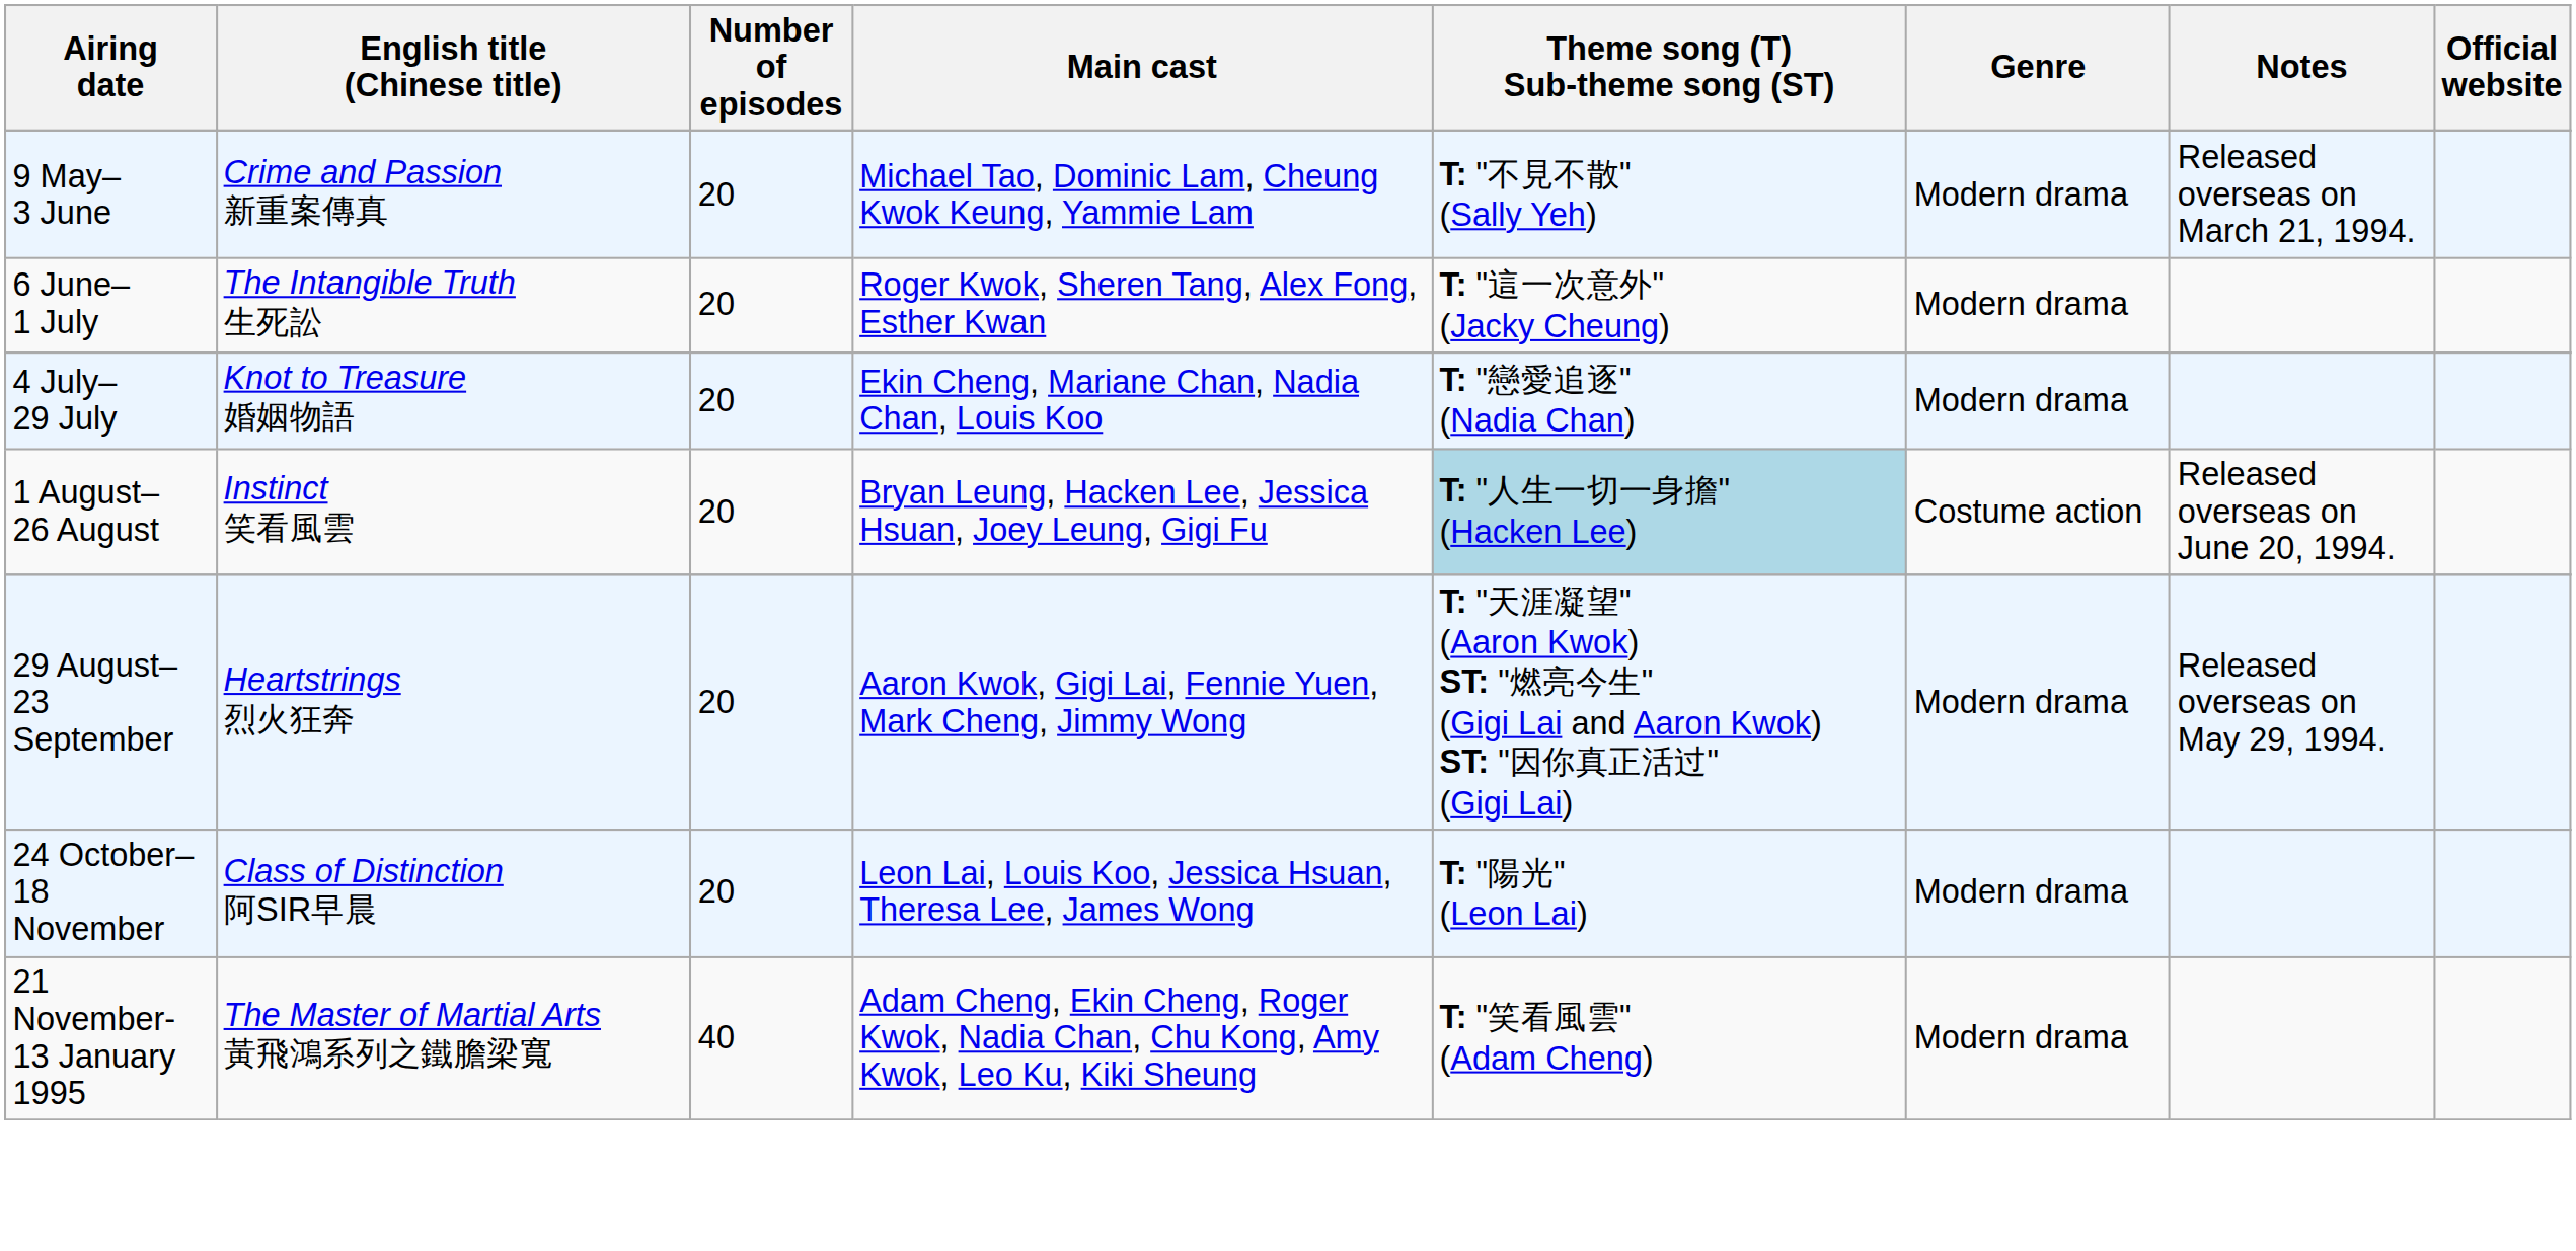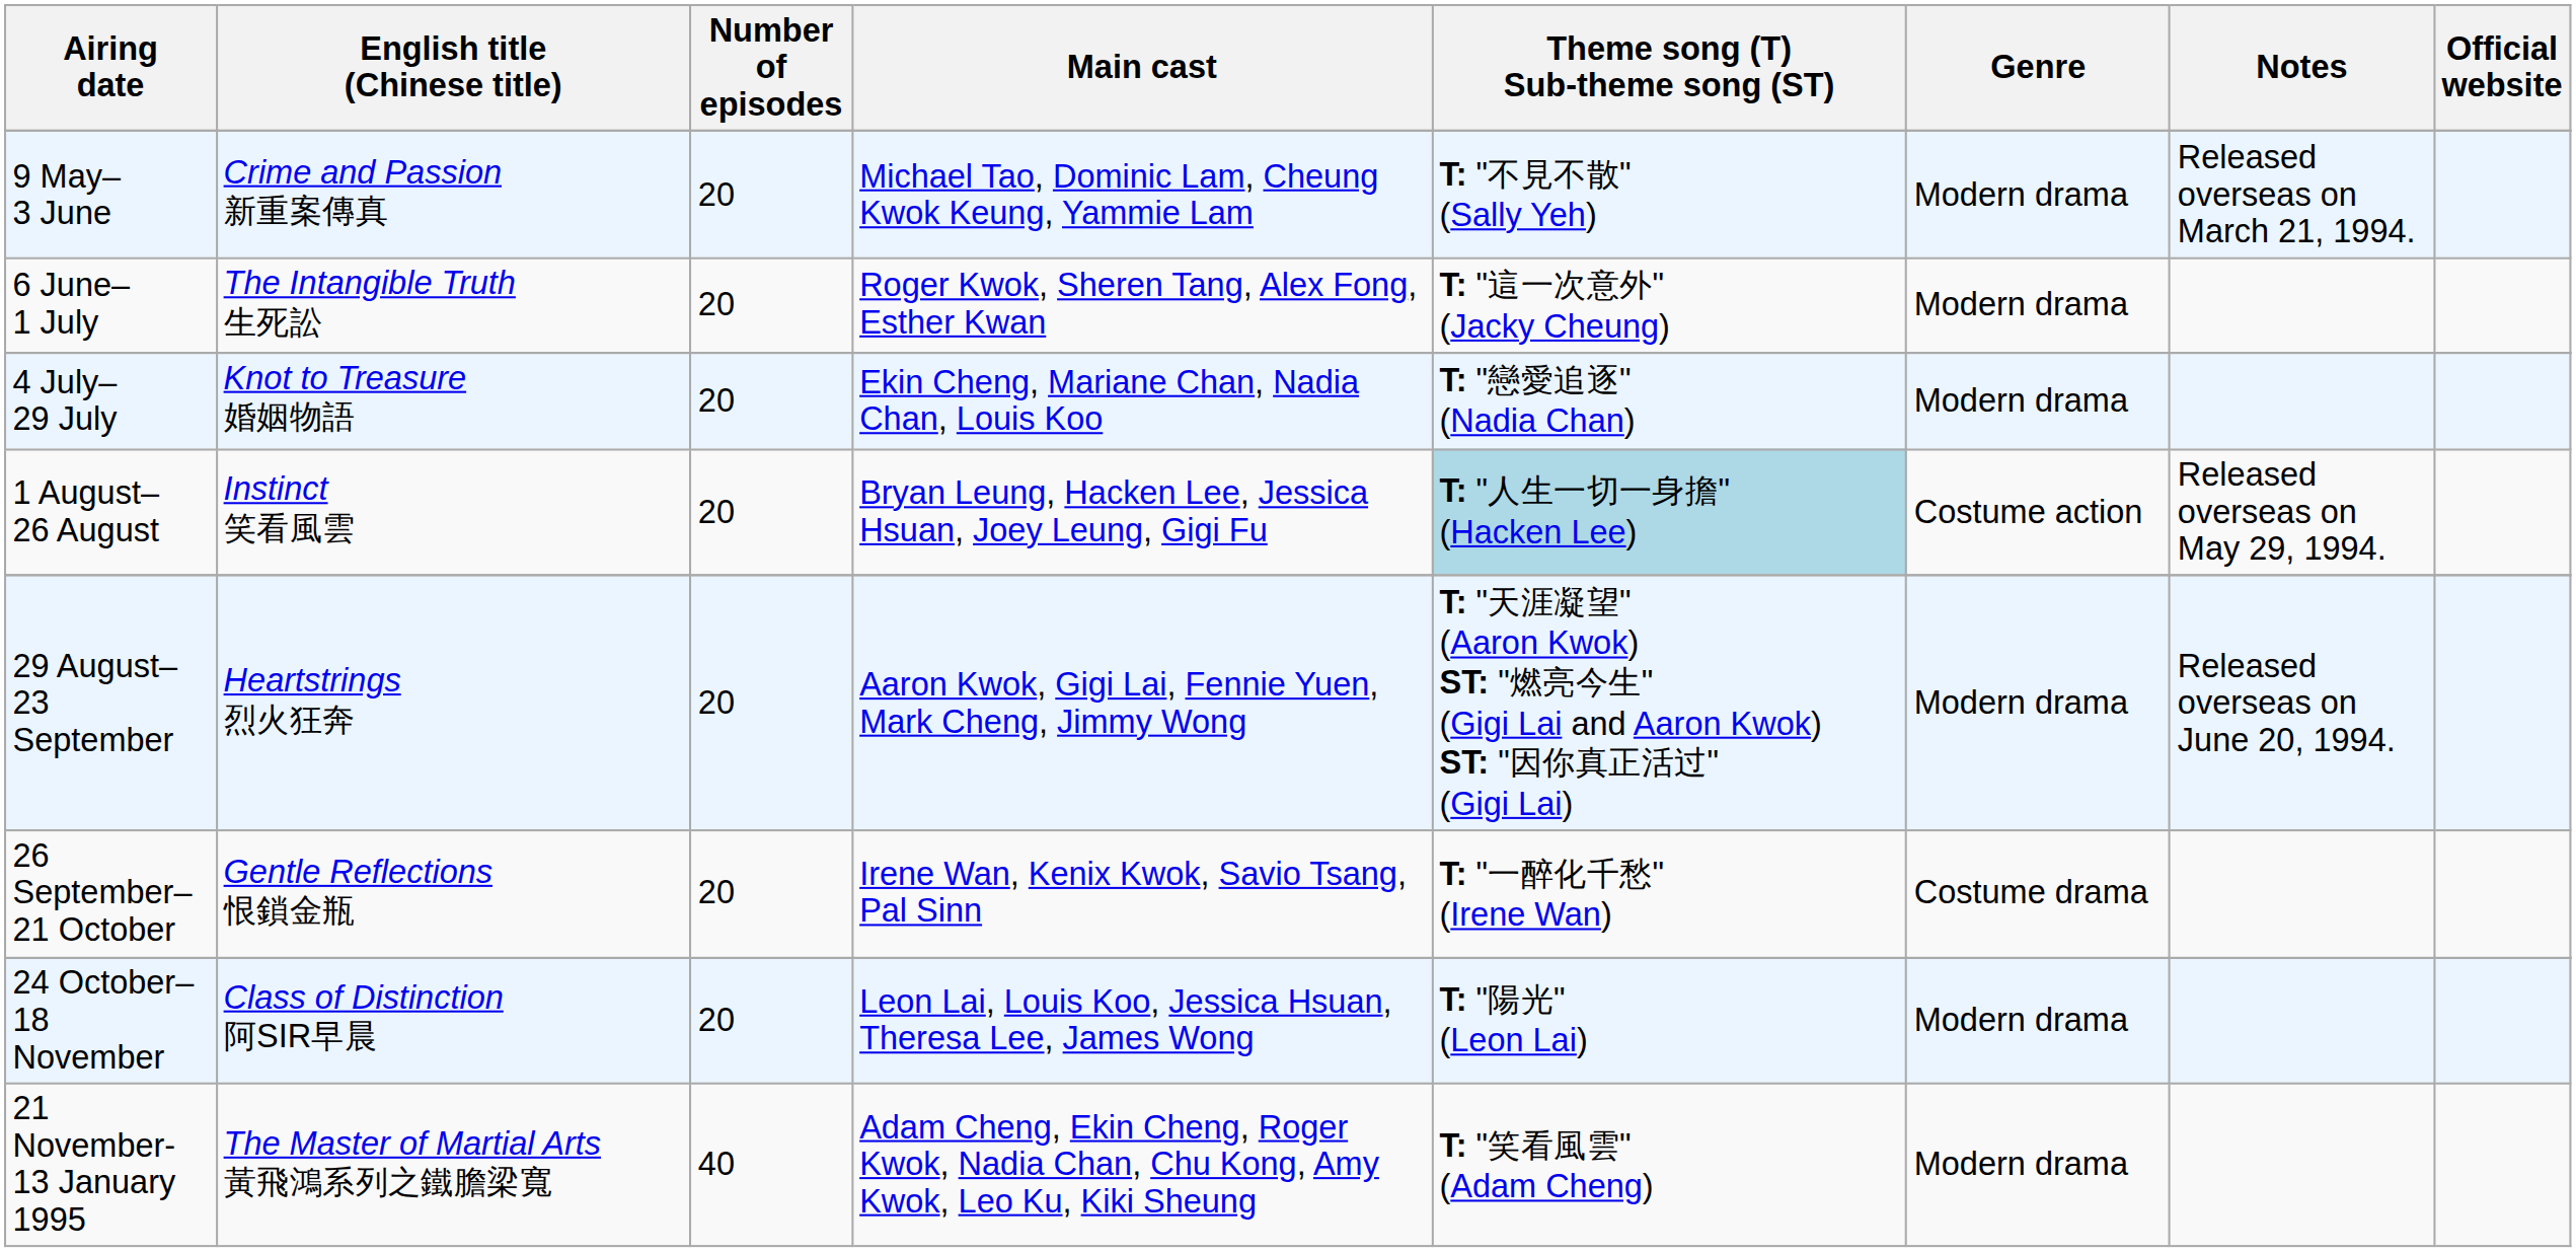 <table class="wikitable">
 <tr>
 <th align=center width=8% bgcolor="silver">Airing<br>date</th>
 <th align=center width=18% bgcolor="silver">English title <br> (Chinese title)</th>
 <th align=center width=5% bgcolor="silver">Number of episodes</th>
 <th align=center width=22% bgcolor="silver">Main cast</th>
 <th align=center width=18% bgcolor="silver">Theme song (T) <br>Sub-theme song (ST)</th>
 <th align=center width=10% bgcolor="silver">Genre</th>
 <th align=center width=10% bgcolor="silver">Notes</th>
 <th align=center width=1% bgcolor="silver">Official website</th>
 </tr>
 <tr>
 </tr>
 <tr ---- bgcolor="#ebf5ff">
 <td>9 May– <br> 3 June</td>
 <td><em><a href='#'>Crime and Passion</a></em> <br> 新重案傳真</td>
 <td>20</td>
 <td><a href='#'>Michael Tao</a>, <a href='#'>Dominic Lam</a>, <a href='#'>Cheung Kwok Keung</a>, <a href='#'>Yammie Lam</a></td>
 <td><strong>T:</strong> "不見不散" <br> (<a href='#'>Sally Yeh</a>)</td>
 <td>Modern drama</td>
 <td>Released overseas on March 21, 1994.</td>
 <td></td>
 </tr>
 <tr>
 <td>6 June– <br> 1 July</td>
 <td><em><a href='#'>The Intangible Truth</a></em> <br> 生死訟</td>
 <td>20</td>
 <td><a href='#'>Roger Kwok</a>, <a href='#'>Sheren Tang</a>, <a href='#'>Alex Fong</a>, <a href='#'>Esther Kwan</a></td>
 <td><strong>T:</strong> "這一次意外" <br> (<a href='#'>Jacky Cheung</a>)</td>
 <td>Modern drama</td>
 <td></td>
 <td></td>
 </tr>
 <tr>
 </tr>
 <tr ---- bgcolor="#ebf5ff">
 <td>4 July– <br> 29 July</td>
 <td><em><a href='#'>Knot to Treasure</a></em> <br> 婚姻物語</td>
 <td>20</td>
 <td><a href='#'>Ekin Cheng</a>, <a href='#'>Mariane Chan</a>, <a href='#'>Nadia Chan</a>, <a href='#'>Louis Koo</a></td>
 <td><strong>T:</strong> "戀愛追逐" <br> (<a href='#'>Nadia Chan</a>)</td>
 <td>Modern drama</td>
 <td></td>
 <td></td>
 </tr>
 <tr>
 <td>1 August– <br> 26 August</td>
 <td><em><a href='#'>Instinct</a></em> <br> 笑看風雲</td>
 <td>20</td>
 <td><a href='#'>Bryan Leung</a>, <a href='#'>Hacken Lee</a>, <a href='#'>Jessica Hsuan</a>, <a href='#'>Joey Leung</a>, <a href='#'>Gigi Fu</a></td>
 <td style="background: lightblue;"><strong>T:</strong> "人生一切一身擔" <br> (<a href='#'>Hacken Lee</a>)</td>
 <td>Costume action</td>
-<td>Released overseas on June 20, 1994.</td>
+<td>Released overseas on May 29, 1994.</td>
 <td></td>
 </tr>
 <tr>
 </tr>
 <tr ---- bgcolor="#ebf5ff">
 <td>29 August– <br> 23 September</td>
 <td><em><a href='#'>Heartstrings</a></em> <br> 烈火狂奔</td>
 <td>20</td>
 <td><a href='#'>Aaron Kwok</a>, <a href='#'>Gigi Lai</a>, <a href='#'>Fennie Yuen</a>, <a href='#'>Mark Cheng</a>, <a href='#'>Jimmy Wong</a></td>
 <td><strong>T:</strong> "天涯凝望" <br> (<a href='#'>Aaron Kwok</a>)<br><strong>ST:</strong> "燃亮今生" <br> (<a href='#'>Gigi Lai</a> and <a href='#'>Aaron Kwok</a>)  <br><strong>ST:</strong> "因你真正活过" <br> (<a href='#'>Gigi Lai</a>)</td>
 <td>Modern drama</td>
-<td>Released overseas on May 29, 1994.</td>
+<td>Released overseas on June 20, 1994.</td>
+<td></td>
+</tr>
+<tr>
+<td>26 September– <br> 21 October</td>
+<td><em><a href='#'>Gentle Reflections</a></em> <br> 恨鎖金瓶</td>
+<td>20</td>
+<td><a href='#'>Irene Wan</a>, <a href='#'>Kenix Kwok</a>, <a href='#'>Savio Tsang</a>, <a href='#'>Pal Sinn</a></td>
+<td><strong>T:</strong> "一醉化千愁" <br> (<a href='#'>Irene Wan</a>)</td>
+<td>Costume drama</td>
+<td></td>
 <td></td>
 </tr>
 <tr>
 </tr>
 <tr ---- bgcolor="#ebf5ff">
 <td>24 October– <br> 18 November</td>
 <td><em><a href='#'>Class of Distinction</a></em> <br> 阿SIR早晨</td>
 <td>20</td>
 <td><a href='#'>Leon Lai</a>, <a href='#'>Louis Koo</a>, <a href='#'>Jessica Hsuan</a>, <a href='#'>Theresa Lee</a>, <a href='#'>James Wong</a></td>
 <td><strong>T:</strong> "陽光" <br> (<a href='#'>Leon Lai</a>)</td>
 <td>Modern drama</td>
 <td></td>
 <td></td>
 </tr>
 <tr>
 <td>21 November- <br> 13 January 1995</td>
 <td><em><a href='#'>The Master of Martial Arts</a></em> <br> 黃飛鴻系列之鐵膽梁寬</td>
 <td>40</td>
 <td><a href='#'>Adam Cheng</a>, <a href='#'>Ekin Cheng</a>, <a href='#'>Roger Kwok</a>, <a href='#'>Nadia Chan</a>, <a href='#'>Chu Kong</a>, <a href='#'>Amy Kwok</a>, <a href='#'>Leo Ku</a>, <a href='#'>Kiki Sheung</a></td>
 <td><strong>T:</strong> "笑看風雲" <br> (<a href='#'>Adam Cheng</a>)</td>
 <td>Modern drama</td>
 <td></td>
 <td> </td>
 </tr>
 </table>
